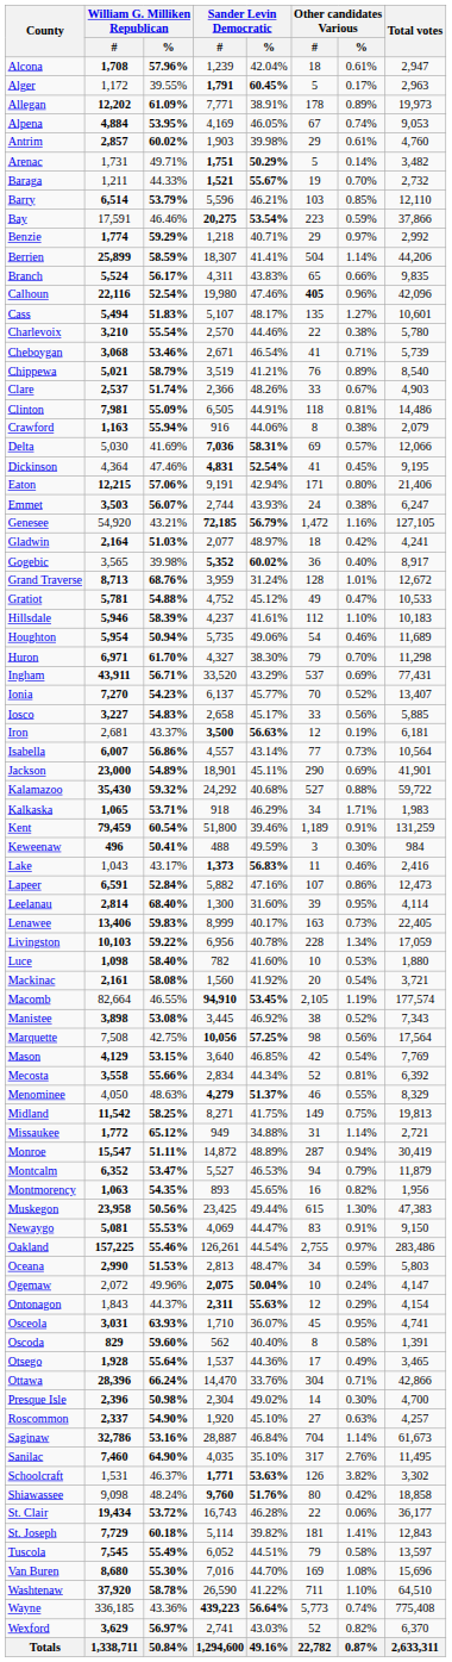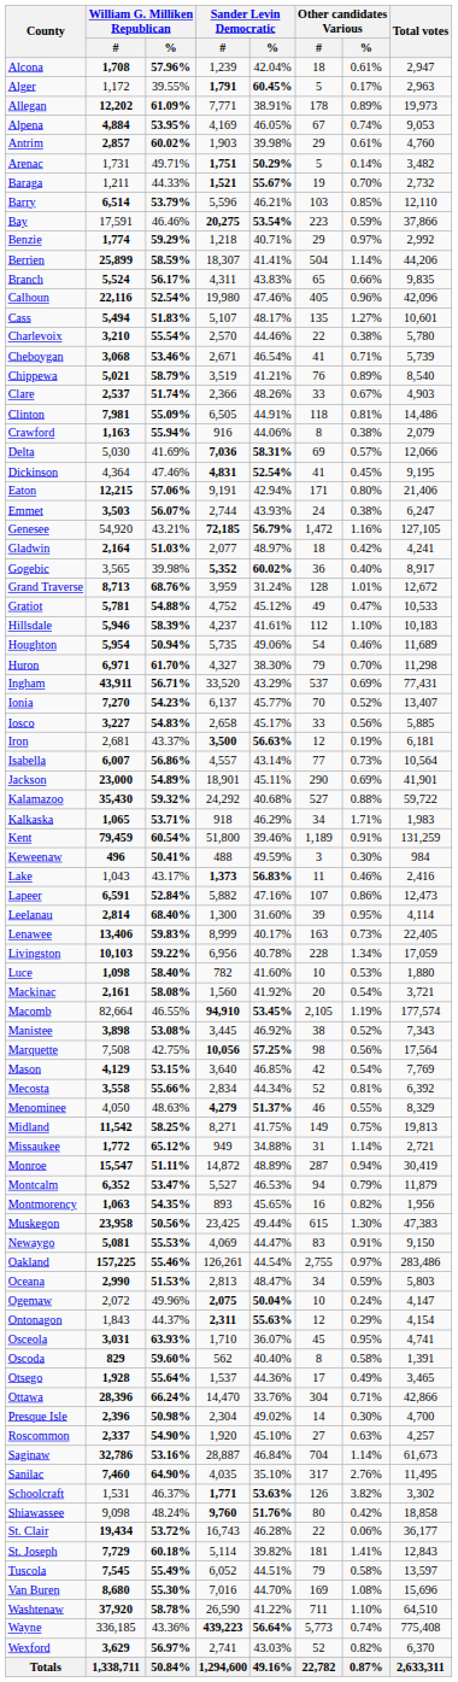 <table class="wikitable sortable">
 <tr>
 <th rowspan="2" scope="col">County</th>
 <th colspan="2" scope="col"><a href='#'>William G. Milliken</a><br><a href='#'>Republican</a></th>
 <th colspan="2" scope="col"><a href='#'>Sander Levin</a><br><a href='#'>Democratic</a></th>
 <th colspan="2" scope="col">Other candidates<br>Various</th>
 <th rowspan="2" scope="col">Total votes</th>
 </tr>
 <tr>
 <th>#</th>
 <th>%</th>
 <th>#</th>
 <th>%</th>
 <th>#</th>
 <th>%</th>
 </tr>
 <tr>
 <td><a href='#'>Alcona</a></td>
 <td align="center"><strong>1,708</strong></td>
 <td align="center"><strong>57.96%</strong></td>
 <td align="center">1,239</td>
 <td align="center">42.04%</td>
 <td align="center">18</td>
 <td align="center">0.61%</td>
 <td align="center">2,947</td>
 </tr>
 <tr>
 <td><a href='#'>Alger</a></td>
 <td align="center">1,172</td>
 <td align="center">39.55%</td>
 <td align="center"><strong>1,791</strong></td>
 <td align="center"><strong>60.45%</strong></td>
 <td align="center">5</td>
 <td align="center">0.17%</td>
 <td align="center">2,963</td>
 </tr>
 <tr>
 <td><a href='#'>Allegan</a></td>
 <td align="center"><strong>12,202</strong></td>
 <td align="center"><strong>61.09%</strong></td>
 <td align="center">7,771</td>
 <td align="center">38.91%</td>
 <td align="center">178</td>
 <td align="center">0.89%</td>
 <td align="center">19,973</td>
 </tr>
 <tr>
 <td><a href='#'>Alpena</a></td>
 <td align="center"><strong>4,884</strong></td>
 <td align="center"><strong>53.95%</strong></td>
 <td align="center">4,169</td>
 <td align="center">46.05%</td>
 <td align="center">67</td>
 <td align="center">0.74%</td>
 <td align="center">9,053</td>
 </tr>
 <tr>
 <td><a href='#'>Antrim</a></td>
 <td align="center"><strong>2,857</strong></td>
 <td align="center"><strong>60.02%</strong></td>
 <td align="center">1,903</td>
 <td align="center">39.98%</td>
 <td align="center">29</td>
 <td align="center">0.61%</td>
 <td align="center">4,760</td>
 </tr>
 <tr>
 <td><a href='#'>Arenac</a></td>
 <td align="center">1,731</td>
 <td align="center">49.71%</td>
 <td align="center"><strong>1,751</strong></td>
 <td align="center"><strong>50.29%</strong></td>
 <td align="center">5</td>
 <td align="center">0.14%</td>
 <td align="center">3,482</td>
 </tr>
 <tr>
 <td><a href='#'>Baraga</a></td>
 <td align="center">1,211</td>
 <td align="center">44.33%</td>
 <td align="center"><strong>1,521</strong></td>
 <td align="center"><strong>55.67%</strong></td>
 <td align="center">19</td>
 <td align="center">0.70%</td>
 <td align="center">2,732</td>
 </tr>
 <tr>
 <td><a href='#'>Barry</a></td>
 <td align="center"><strong>6,514</strong></td>
 <td align="center"><strong>53.79%</strong></td>
 <td align="center">5,596</td>
 <td align="center">46.21%</td>
 <td align="center">103</td>
 <td align="center">0.85%</td>
 <td align="center">12,110</td>
 </tr>
 <tr>
 <td><a href='#'>Bay</a></td>
 <td align="center">17,591</td>
 <td align="center">46.46%</td>
 <td align="center"><strong>20,275</strong></td>
 <td align="center"><strong>53.54%</strong></td>
 <td align="center">223</td>
 <td align="center">0.59%</td>
 <td align="center">37,866</td>
 </tr>
 <tr>
 <td><a href='#'>Benzie</a></td>
 <td align="center"><strong>1,774</strong></td>
 <td align="center"><strong>59.29%</strong></td>
 <td align="center">1,218</td>
 <td align="center">40.71%</td>
 <td align="center">29</td>
 <td align="center">0.97%</td>
 <td align="center">2,992</td>
 </tr>
 <tr>
 <td><a href='#'>Berrien</a></td>
 <td align="center"><strong>25,899</strong></td>
 <td align="center"><strong>58.59%</strong></td>
 <td align="center">18,307</td>
 <td align="center">41.41%</td>
 <td align="center">504</td>
 <td align="center">1.14%</td>
 <td align="center">44,206</td>
 </tr>
 <tr>
 <td><a href='#'>Branch</a></td>
 <td align="center"><strong>5,524</strong></td>
 <td align="center"><strong>56.17%</strong></td>
 <td align="center">4,311</td>
 <td align="center">43.83%</td>
 <td align="center">65</td>
 <td align="center">0.66%</td>
 <td align="center">9,835</td>
 </tr>
 <tr>
 <td><a href='#'>Calhoun</a></td>
 <td align="center"><strong>22,116</strong></td>
 <td align="center"><strong>52.54%</strong></td>
 <td align="center">19,980</td>
 <td align="center">47.46%</td>
-<td align="center"><strong>405</strong></td>
+<td align="center">405</td>
 <td align="center">0.96%</td>
 <td align="center">42,096</td>
 </tr>
 <tr>
 <td><a href='#'>Cass</a></td>
 <td align="center"><strong>5,494</strong></td>
 <td align="center"><strong>51.83%</strong></td>
 <td align="center">5,107</td>
 <td align="center">48.17%</td>
 <td align="center">135</td>
 <td align="center">1.27%</td>
 <td align="center">10,601</td>
 </tr>
 <tr>
 <td><a href='#'>Charlevoix</a></td>
 <td align="center"><strong>3,210</strong></td>
 <td align="center"><strong>55.54%</strong></td>
 <td align="center">2,570</td>
 <td align="center">44.46%</td>
 <td align="center">22</td>
 <td align="center">0.38%</td>
 <td align="center">5,780</td>
 </tr>
 <tr>
 <td><a href='#'>Cheboygan</a></td>
 <td align="center"><strong>3,068</strong></td>
 <td align="center"><strong>53.46%</strong></td>
 <td align="center">2,671</td>
 <td align="center">46.54%</td>
 <td align="center">41</td>
 <td align="center">0.71%</td>
 <td align="center">5,739</td>
 </tr>
 <tr>
 <td><a href='#'>Chippewa</a></td>
 <td align="center"><strong>5,021</strong></td>
 <td align="center"><strong>58.79%</strong></td>
 <td align="center">3,519</td>
 <td align="center">41.21%</td>
 <td align="center">76</td>
 <td align="center">0.89%</td>
 <td align="center">8,540</td>
 </tr>
 <tr>
 <td><a href='#'>Clare</a></td>
 <td align="center"><strong>2,537</strong></td>
 <td align="center"><strong>51.74%</strong></td>
 <td align="center">2,366</td>
 <td align="center">48.26%</td>
 <td align="center">33</td>
 <td align="center">0.67%</td>
 <td align="center">4,903</td>
 </tr>
 <tr>
 <td><a href='#'>Clinton</a></td>
 <td align="center"><strong>7,981</strong></td>
 <td align="center"><strong>55.09%</strong></td>
 <td align="center">6,505</td>
 <td align="center">44.91%</td>
 <td align="center">118</td>
 <td align="center">0.81%</td>
 <td align="center">14,486</td>
 </tr>
 <tr>
 <td><a href='#'>Crawford</a></td>
 <td align="center"><strong>1,163</strong></td>
 <td align="center"><strong>55.94%</strong></td>
 <td align="center">916</td>
 <td align="center">44.06%</td>
 <td align="center">8</td>
 <td align="center">0.38%</td>
 <td align="center">2,079</td>
 </tr>
 <tr>
 <td><a href='#'>Delta</a></td>
 <td align="center">5,030</td>
 <td align="center">41.69%</td>
 <td align="center"><strong>7,036</strong></td>
 <td align="center"><strong>58.31%</strong></td>
 <td align="center">69</td>
 <td align="center">0.57%</td>
 <td align="center">12,066</td>
 </tr>
 <tr>
 <td><a href='#'>Dickinson</a></td>
 <td align="center">4,364</td>
 <td align="center">47.46%</td>
 <td align="center"><strong>4,831</strong></td>
 <td align="center"><strong>52.54%</strong></td>
 <td align="center">41</td>
 <td align="center">0.45%</td>
 <td align="center">9,195</td>
 </tr>
 <tr>
 <td><a href='#'>Eaton</a></td>
 <td align="center"><strong>12,215</strong></td>
 <td align="center"><strong>57.06%</strong></td>
 <td align="center">9,191</td>
 <td align="center">42.94%</td>
 <td align="center">171</td>
 <td align="center">0.80%</td>
 <td align="center">21,406</td>
 </tr>
 <tr>
 <td><a href='#'>Emmet</a></td>
 <td align="center"><strong>3,503</strong></td>
 <td align="center"><strong>56.07%</strong></td>
 <td align="center">2,744</td>
 <td align="center">43.93%</td>
 <td align="center">24</td>
 <td align="center">0.38%</td>
 <td align="center">6,247</td>
 </tr>
 <tr>
 <td><a href='#'>Genesee</a></td>
 <td align="center">54,920</td>
 <td align="center">43.21%</td>
 <td align="center"><strong>72,185</strong></td>
 <td align="center"><strong>56.79%</strong></td>
 <td align="center">1,472</td>
 <td align="center">1.16%</td>
 <td align="center">127,105</td>
 </tr>
 <tr>
 <td><a href='#'>Gladwin</a></td>
 <td align="center"><strong>2,164</strong></td>
 <td align="center"><strong>51.03%</strong></td>
 <td align="center">2,077</td>
 <td align="center">48.97%</td>
 <td align="center">18</td>
 <td align="center">0.42%</td>
 <td align="center">4,241</td>
 </tr>
 <tr>
 <td><a href='#'>Gogebic</a></td>
 <td align="center">3,565</td>
 <td align="center">39.98%</td>
 <td align="center"><strong>5,352</strong></td>
 <td align="center"><strong>60.02%</strong></td>
 <td align="center">36</td>
 <td align="center">0.40%</td>
 <td align="center">8,917</td>
 </tr>
 <tr>
 <td><a href='#'>Grand Traverse</a></td>
 <td align="center"><strong>8,713</strong></td>
 <td align="center"><strong>68.76%</strong></td>
 <td align="center">3,959</td>
 <td align="center">31.24%</td>
 <td align="center">128</td>
 <td align="center">1.01%</td>
 <td align="center">12,672</td>
 </tr>
 <tr>
 <td><a href='#'>Gratiot</a></td>
 <td align="center"><strong>5,781</strong></td>
 <td align="center"><strong>54.88%</strong></td>
 <td align="center">4,752</td>
 <td align="center">45.12%</td>
 <td align="center">49</td>
 <td align="center">0.47%</td>
 <td align="center">10,533</td>
 </tr>
 <tr>
 <td><a href='#'>Hillsdale</a></td>
 <td align="center"><strong>5,946</strong></td>
 <td align="center"><strong>58.39%</strong></td>
 <td align="center">4,237</td>
 <td align="center">41.61%</td>
 <td align="center">112</td>
 <td align="center">1.10%</td>
 <td align="center">10,183</td>
 </tr>
 <tr>
 <td><a href='#'>Houghton</a></td>
 <td align="center"><strong>5,954</strong></td>
 <td align="center"><strong>50.94%</strong></td>
 <td align="center">5,735</td>
 <td align="center">49.06%</td>
 <td align="center">54</td>
 <td align="center">0.46%</td>
 <td align="center">11,689</td>
 </tr>
 <tr>
 <td><a href='#'>Huron</a></td>
 <td align="center"><strong>6,971</strong></td>
 <td align="center"><strong>61.70%</strong></td>
 <td align="center">4,327</td>
 <td align="center">38.30%</td>
 <td align="center">79</td>
 <td align="center">0.70%</td>
 <td align="center">11,298</td>
 </tr>
 <tr>
 <td><a href='#'>Ingham</a></td>
 <td align="center"><strong>43,911</strong></td>
 <td align="center"><strong>56.71%</strong></td>
 <td align="center">33,520</td>
 <td align="center">43.29%</td>
 <td align="center">537</td>
 <td align="center">0.69%</td>
 <td align="center">77,431</td>
 </tr>
 <tr>
 <td><a href='#'>Ionia</a></td>
 <td align="center"><strong>7,270</strong></td>
 <td align="center"><strong>54.23%</strong></td>
 <td align="center">6,137</td>
 <td align="center">45.77%</td>
 <td align="center">70</td>
 <td align="center">0.52%</td>
 <td align="center">13,407</td>
 </tr>
 <tr>
 <td><a href='#'>Iosco</a></td>
 <td align="center"><strong>3,227</strong></td>
 <td align="center"><strong>54.83%</strong></td>
 <td align="center">2,658</td>
 <td align="center">45.17%</td>
 <td align="center">33</td>
 <td align="center">0.56%</td>
 <td align="center">5,885</td>
 </tr>
 <tr>
 <td><a href='#'>Iron</a></td>
 <td align="center">2,681</td>
 <td align="center">43.37%</td>
 <td align="center"><strong>3,500</strong></td>
 <td align="center"><strong>56.63%</strong></td>
 <td align="center">12</td>
 <td align="center">0.19%</td>
 <td align="center">6,181</td>
 </tr>
 <tr>
 <td><a href='#'>Isabella</a></td>
 <td align="center"><strong>6,007</strong></td>
 <td align="center"><strong>56.86%</strong></td>
 <td align="center">4,557</td>
 <td align="center">43.14%</td>
 <td align="center">77</td>
 <td align="center">0.73%</td>
 <td align="center">10,564</td>
 </tr>
 <tr>
 <td><a href='#'>Jackson</a></td>
 <td align="center"><strong>23,000</strong></td>
 <td align="center"><strong>54.89%</strong></td>
 <td align="center">18,901</td>
 <td align="center">45.11%</td>
 <td align="center">290</td>
 <td align="center">0.69%</td>
 <td align="center">41,901</td>
 </tr>
 <tr>
 <td><a href='#'>Kalamazoo</a></td>
 <td align="center"><strong>35,430</strong></td>
 <td align="center"><strong>59.32%</strong></td>
 <td align="center">24,292</td>
 <td align="center">40.68%</td>
 <td align="center">527</td>
 <td align="center">0.88%</td>
 <td align="center">59,722</td>
 </tr>
 <tr>
 <td><a href='#'>Kalkaska</a></td>
 <td align="center"><strong>1,065</strong></td>
 <td align="center"><strong>53.71%</strong></td>
 <td align="center">918</td>
 <td align="center">46.29%</td>
 <td align="center">34</td>
 <td align="center">1.71%</td>
 <td align="center">1,983</td>
 </tr>
 <tr>
 <td><a href='#'>Kent</a></td>
 <td align="center"><strong>79,459</strong></td>
 <td align="center"><strong>60.54%</strong></td>
 <td align="center">51,800</td>
 <td align="center">39.46%</td>
 <td align="center">1,189</td>
 <td align="center">0.91%</td>
 <td align="center">131,259</td>
 </tr>
 <tr>
 <td><a href='#'>Keweenaw</a></td>
 <td align="center"><strong>496</strong></td>
 <td align="center"><strong>50.41%</strong></td>
 <td align="center">488</td>
 <td align="center">49.59%</td>
 <td align="center">3</td>
 <td align="center">0.30%</td>
 <td align="center">984</td>
 </tr>
 <tr>
 <td><a href='#'>Lake</a></td>
 <td align="center">1,043</td>
 <td align="center">43.17%</td>
 <td align="center"><strong>1,373</strong></td>
 <td align="center"><strong>56.83%</strong></td>
 <td align="center">11</td>
 <td align="center">0.46%</td>
 <td align="center">2,416</td>
 </tr>
 <tr>
 <td><a href='#'>Lapeer</a></td>
 <td align="center"><strong>6,591</strong></td>
 <td align="center"><strong>52.84%</strong></td>
 <td align="center">5,882</td>
 <td align="center">47.16%</td>
 <td align="center">107</td>
 <td align="center">0.86%</td>
 <td align="center">12,473</td>
 </tr>
 <tr>
 <td><a href='#'>Leelanau</a></td>
 <td align="center"><strong>2,814</strong></td>
 <td align="center"><strong>68.40%</strong></td>
 <td align="center">1,300</td>
 <td align="center">31.60%</td>
 <td align="center">39</td>
 <td align="center">0.95%</td>
 <td align="center">4,114</td>
 </tr>
 <tr>
 <td><a href='#'>Lenawee</a></td>
 <td align="center"><strong>13,406</strong></td>
 <td align="center"><strong>59.83%</strong></td>
 <td align="center">8,999</td>
 <td align="center">40.17%</td>
 <td align="center">163</td>
 <td align="center">0.73%</td>
 <td align="center">22,405</td>
 </tr>
 <tr>
 <td><a href='#'>Livingston</a></td>
 <td align="center"><strong>10,103</strong></td>
 <td align="center"><strong>59.22%</strong></td>
 <td align="center">6,956</td>
 <td align="center">40.78%</td>
 <td align="center">228</td>
 <td align="center">1.34%</td>
 <td align="center">17,059</td>
 </tr>
 <tr>
 <td><a href='#'>Luce</a></td>
 <td align="center"><strong>1,098</strong></td>
 <td align="center"><strong>58.40%</strong></td>
 <td align="center">782</td>
 <td align="center">41.60%</td>
 <td align="center">10</td>
 <td align="center">0.53%</td>
 <td align="center">1,880</td>
 </tr>
 <tr>
 <td><a href='#'>Mackinac</a></td>
 <td align="center"><strong>2,161</strong></td>
 <td align="center"><strong>58.08%</strong></td>
 <td align="center">1,560</td>
 <td align="center">41.92%</td>
 <td align="center">20</td>
 <td align="center">0.54%</td>
 <td align="center">3,721</td>
 </tr>
 <tr>
 <td><a href='#'>Macomb</a></td>
 <td align="center">82,664</td>
 <td align="center">46.55%</td>
 <td align="center"><strong>94,910</strong></td>
 <td align="center"><strong>53.45%</strong></td>
 <td align="center">2,105</td>
 <td align="center">1.19%</td>
 <td align="center">177,574</td>
 </tr>
 <tr>
 <td><a href='#'>Manistee</a></td>
 <td align="center"><strong>3,898</strong></td>
 <td align="center"><strong>53.08%</strong></td>
 <td align="center">3,445</td>
 <td align="center">46.92%</td>
 <td align="center">38</td>
 <td align="center">0.52%</td>
 <td align="center">7,343</td>
 </tr>
 <tr>
 <td><a href='#'>Marquette</a></td>
 <td align="center">7,508</td>
 <td align="center">42.75%</td>
 <td align="center"><strong>10,056</strong></td>
 <td align="center"><strong>57.25%</strong></td>
 <td align="center">98</td>
 <td align="center">0.56%</td>
 <td align="center">17,564</td>
 </tr>
 <tr>
 <td><a href='#'>Mason</a></td>
 <td align="center"><strong>4,129</strong></td>
 <td align="center"><strong>53.15%</strong></td>
 <td align="center">3,640</td>
 <td align="center">46.85%</td>
 <td align="center">42</td>
 <td align="center">0.54%</td>
 <td align="center">7,769</td>
 </tr>
 <tr>
 <td><a href='#'>Mecosta</a></td>
 <td align="center"><strong>3,558</strong></td>
 <td align="center"><strong>55.66%</strong></td>
 <td align="center">2,834</td>
 <td align="center">44.34%</td>
 <td align="center">52</td>
 <td align="center">0.81%</td>
 <td align="center">6,392</td>
 </tr>
 <tr>
 <td><a href='#'>Menominee</a></td>
 <td align="center">4,050</td>
 <td align="center">48.63%</td>
 <td align="center"><strong>4,279</strong></td>
 <td align="center"><strong>51.37%</strong></td>
 <td align="center">46</td>
 <td align="center">0.55%</td>
 <td align="center">8,329</td>
 </tr>
 <tr>
 <td><a href='#'>Midland</a></td>
 <td align="center"><strong>11,542</strong></td>
 <td align="center"><strong>58.25%</strong></td>
 <td align="center">8,271</td>
 <td align="center">41.75%</td>
 <td align="center">149</td>
 <td align="center">0.75%</td>
 <td align="center">19,813</td>
 </tr>
 <tr>
 <td><a href='#'>Missaukee</a></td>
 <td align="center"><strong>1,772</strong></td>
 <td align="center"><strong>65.12%</strong></td>
 <td align="center">949</td>
 <td align="center">34.88%</td>
 <td align="center">31</td>
 <td align="center">1.14%</td>
 <td align="center">2,721</td>
 </tr>
 <tr>
 <td><a href='#'>Monroe</a></td>
 <td align="center"><strong>15,547</strong></td>
 <td align="center"><strong>51.11%</strong></td>
 <td align="center">14,872</td>
 <td align="center">48.89%</td>
 <td align="center">287</td>
 <td align="center">0.94%</td>
 <td align="center">30,419</td>
 </tr>
 <tr>
 <td><a href='#'>Montcalm</a></td>
 <td align="center"><strong>6,352</strong></td>
 <td align="center"><strong>53.47%</strong></td>
 <td align="center">5,527</td>
 <td align="center">46.53%</td>
 <td align="center">94</td>
 <td align="center">0.79%</td>
 <td align="center">11,879</td>
 </tr>
 <tr>
 <td><a href='#'>Montmorency</a></td>
 <td align="center"><strong>1,063</strong></td>
 <td align="center"><strong>54.35%</strong></td>
 <td align="center">893</td>
 <td align="center">45.65%</td>
 <td align="center">16</td>
 <td align="center">0.82%</td>
 <td align="center">1,956</td>
 </tr>
 <tr>
 <td><a href='#'>Muskegon</a></td>
 <td align="center"><strong>23,958</strong></td>
 <td align="center"><strong>50.56%</strong></td>
 <td align="center">23,425</td>
 <td align="center">49.44%</td>
 <td align="center">615</td>
 <td align="center">1.30%</td>
 <td align="center">47,383</td>
 </tr>
 <tr>
 <td><a href='#'>Newaygo</a></td>
 <td align="center"><strong>5,081</strong></td>
 <td align="center"><strong>55.53%</strong></td>
 <td align="center">4,069</td>
 <td align="center">44.47%</td>
 <td align="center">83</td>
 <td align="center">0.91%</td>
 <td align="center">9,150</td>
 </tr>
 <tr>
 <td><a href='#'>Oakland</a></td>
 <td align="center"><strong>157,225</strong></td>
 <td align="center"><strong>55.46%</strong></td>
 <td align="center">126,261</td>
 <td align="center">44.54%</td>
 <td align="center">2,755</td>
 <td align="center">0.97%</td>
 <td align="center">283,486</td>
 </tr>
 <tr>
 <td><a href='#'>Oceana</a></td>
 <td align="center"><strong>2,990</strong></td>
 <td align="center"><strong>51.53%</strong></td>
 <td align="center">2,813</td>
 <td align="center">48.47%</td>
 <td align="center">34</td>
 <td align="center">0.59%</td>
 <td align="center">5,803</td>
 </tr>
 <tr>
 <td><a href='#'>Ogemaw</a></td>
 <td align="center">2,072</td>
 <td align="center">49.96%</td>
 <td align="center"><strong>2,075</strong></td>
 <td align="center"><strong>50.04%</strong></td>
 <td align="center">10</td>
 <td align="center">0.24%</td>
 <td align="center">4,147</td>
 </tr>
 <tr>
 <td><a href='#'>Ontonagon</a></td>
 <td align="center">1,843</td>
 <td align="center">44.37%</td>
 <td align="center"><strong>2,311</strong></td>
 <td align="center"><strong>55.63%</strong></td>
 <td align="center">12</td>
 <td align="center">0.29%</td>
 <td align="center">4,154</td>
 </tr>
 <tr>
 <td><a href='#'>Osceola</a></td>
 <td align="center"><strong>3,031</strong></td>
 <td align="center"><strong>63.93%</strong></td>
 <td align="center">1,710</td>
 <td align="center">36.07%</td>
 <td align="center">45</td>
 <td align="center">0.95%</td>
 <td align="center">4,741</td>
 </tr>
 <tr>
 <td><a href='#'>Oscoda</a></td>
 <td align="center"><strong>829</strong></td>
 <td align="center"><strong>59.60%</strong></td>
 <td align="center">562</td>
 <td align="center">40.40%</td>
 <td align="center">8</td>
 <td align="center">0.58%</td>
 <td align="center">1,391</td>
 </tr>
 <tr>
 <td><a href='#'>Otsego</a></td>
 <td align="center"><strong>1,928</strong></td>
 <td align="center"><strong>55.64%</strong></td>
 <td align="center">1,537</td>
 <td align="center">44.36%</td>
 <td align="center">17</td>
 <td align="center">0.49%</td>
 <td align="center">3,465</td>
 </tr>
 <tr>
 <td><a href='#'>Ottawa</a></td>
 <td align="center"><strong>28,396</strong></td>
 <td align="center"><strong>66.24%</strong></td>
 <td align="center">14,470</td>
 <td align="center">33.76%</td>
 <td align="center">304</td>
 <td align="center">0.71%</td>
 <td align="center">42,866</td>
 </tr>
 <tr>
 <td><a href='#'>Presque Isle</a></td>
 <td align="center"><strong>2,396</strong></td>
 <td align="center"><strong>50.98%</strong></td>
 <td align="center">2,304</td>
 <td align="center">49.02%</td>
 <td align="center">14</td>
 <td align="center">0.30%</td>
 <td align="center">4,700</td>
 </tr>
 <tr>
 <td><a href='#'>Roscommon</a></td>
 <td align="center"><strong>2,337</strong></td>
 <td align="center"><strong>54.90%</strong></td>
 <td align="center">1,920</td>
 <td align="center">45.10%</td>
 <td align="center">27</td>
 <td align="center">0.63%</td>
 <td align="center">4,257</td>
 </tr>
 <tr>
 <td><a href='#'>Saginaw</a></td>
 <td align="center"><strong>32,786</strong></td>
 <td align="center"><strong>53.16%</strong></td>
 <td align="center">28,887</td>
 <td align="center">46.84%</td>
 <td align="center">704</td>
 <td align="center">1.14%</td>
 <td align="center">61,673</td>
 </tr>
 <tr>
 <td><a href='#'>Sanilac</a></td>
 <td align="center"><strong>7,460</strong></td>
 <td align="center"><strong>64.90%</strong></td>
 <td align="center">4,035</td>
 <td align="center">35.10%</td>
 <td align="center">317</td>
 <td align="center">2.76%</td>
 <td align="center">11,495</td>
 </tr>
 <tr>
 <td><a href='#'>Schoolcraft</a></td>
 <td align="center">1,531</td>
 <td align="center">46.37%</td>
 <td align="center"><strong>1,771</strong></td>
 <td align="center"><strong>53.63%</strong></td>
 <td align="center">126</td>
 <td align="center">3.82%</td>
 <td align="center">3,302</td>
 </tr>
 <tr>
 <td><a href='#'>Shiawassee</a></td>
 <td align="center">9,098</td>
 <td align="center">48.24%</td>
 <td align="center"><strong>9,760</strong></td>
 <td align="center"><strong>51.76%</strong></td>
 <td align="center">80</td>
 <td align="center">0.42%</td>
 <td align="center">18,858</td>
 </tr>
 <tr>
 <td><a href='#'>St. Clair</a></td>
 <td align="center"><strong>19,434</strong></td>
 <td align="center"><strong>53.72%</strong></td>
 <td align="center">16,743</td>
 <td align="center">46.28%</td>
 <td align="center">22</td>
 <td align="center">0.06%</td>
 <td align="center">36,177</td>
 </tr>
 <tr>
 <td><a href='#'>St. Joseph</a></td>
 <td align="center"><strong>7,729</strong></td>
 <td align="center"><strong>60.18%</strong></td>
 <td align="center">5,114</td>
 <td align="center">39.82%</td>
 <td align="center">181</td>
 <td align="center">1.41%</td>
 <td align="center">12,843</td>
 </tr>
 <tr>
 <td><a href='#'>Tuscola</a></td>
 <td align="center"><strong>7,545</strong></td>
 <td align="center"><strong>55.49%</strong></td>
 <td align="center">6,052</td>
 <td align="center">44.51%</td>
 <td align="center">79</td>
 <td align="center">0.58%</td>
 <td align="center">13,597</td>
 </tr>
 <tr>
 <td><a href='#'>Van Buren</a></td>
 <td align="center"><strong>8,680</strong></td>
 <td align="center"><strong>55.30%</strong></td>
 <td align="center">7,016</td>
 <td align="center">44.70%</td>
 <td align="center">169</td>
 <td align="center">1.08%</td>
 <td align="center">15,696</td>
 </tr>
 <tr>
 <td><a href='#'>Washtenaw</a></td>
 <td align="center"><strong>37,920</strong></td>
 <td align="center"><strong>58.78%</strong></td>
 <td align="center">26,590</td>
 <td align="center">41.22%</td>
 <td align="center">711</td>
 <td align="center">1.10%</td>
 <td align="center">64,510</td>
 </tr>
 <tr>
 <td><a href='#'>Wayne</a></td>
 <td align="center">336,185</td>
 <td align="center">43.36%</td>
 <td align="center"><strong>439,223</strong></td>
 <td align="center"><strong>56.64%</strong></td>
 <td align="center">5,773</td>
 <td align="center">0.74%</td>
 <td align="center">775,408</td>
 </tr>
 <tr>
 <td><a href='#'>Wexford</a></td>
 <td align="center"><strong>3,629</strong></td>
 <td align="center"><strong>56.97%</strong></td>
 <td align="center">2,741</td>
 <td align="center">43.03%</td>
 <td align="center">52</td>
 <td align="center">0.82%</td>
 <td align="center">6,370</td>
 </tr>
 <tr>
 <th>Totals</th>
 <th>1,338,711</th>
 <th>50.84%</th>
 <th>1,294,600</th>
 <th>49.16%</th>
 <th>22,782</th>
 <th>0.87%</th>
 <th>2,633,311</th>
 </tr>
 </table>
